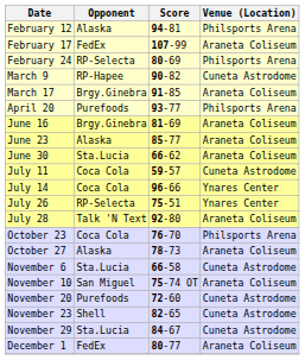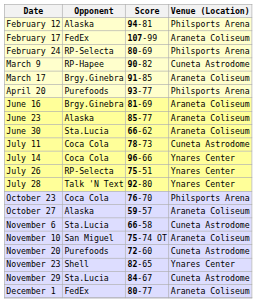 <table class="wikitable sortable sortable">
 <tr>
 <th>Date</th>
 <th>Opponent</th>
 <th>Score</th>
 <th>Venue (Location)</th>
 </tr>
 <tr bgcolor=#FFFFCC>
 <td>February 12</td>
 <td>Alaska</td>
 <td><strong>94</strong>-81</td>
 <td>Philsports Arena </td>
 </tr>
 <tr bgcolor=#FFFFCC>
 <td>February 17</td>
 <td>FedEx</td>
 <td><strong>107</strong>-99</td>
 <td>Araneta Coliseum</td>
 </tr>
 <tr bgcolor=#FFFFCC>
 <td>February 24</td>
 <td>RP-Selecta</td>
 <td><strong>80</strong>-69</td>
 <td>Philsports Arena</td>
 </tr>
 <tr bgcolor=#FFFFCC>
 <td>March 9</td>
 <td>RP-Hapee</td>
 <td><strong>90</strong>-82</td>
 <td>Cuneta Astrodome</td>
 </tr>
 <tr bgcolor=#FFFFCC>
 <td>March 17</td>
 <td>Brgy.Ginebra</td>
 <td><strong>91</strong>-85</td>
 <td>Araneta Coliseum</td>
 </tr>
 <tr bgcolor=#FFFFCC>
 <td>April 20</td>
 <td>Purefoods</td>
 <td><strong>93</strong>-77</td>
 <td>Philsports Arena</td>
 </tr>
 <tr bgcolor=#FFFF99>
 <td>June 16</td>
 <td>Brgy.Ginebra</td>
 <td><strong>81</strong>-69</td>
 <td>Araneta Coliseum</td>
 </tr>
 <tr bgcolor=#FFFF99>
 <td>June 23</td>
 <td>Alaska</td>
 <td><strong>85</strong>-77</td>
 <td>Araneta Coliseum </td>
 </tr>
 <tr bgcolor=#FFFF99>
 <td>June 30</td>
 <td>Sta.Lucia</td>
 <td><strong>66</strong>-62</td>
 <td>Araneta Coliseum</td>
 </tr>
 <tr bgcolor=#FFFF99>
 <td>July 11</td>
 <td>Coca Cola</td>
-<td><strong>59</strong>-57</td>
+<td><strong>78</strong>-73</td>
 <td>Cuneta Astrodome</td>
 </tr>
 <tr bgcolor=#FFFF99>
 <td>July 14</td>
 <td>Coca Cola</td>
 <td><strong>96</strong>-66</td>
 <td>Ynares Center</td>
 </tr>
 <tr bgcolor=#FFFF99>
 <td>July 26</td>
 <td>RP-Selecta</td>
 <td><strong>75</strong>-51</td>
 <td>Ynares Center</td>
 </tr>
 <tr bgcolor=#FFFF99>
 <td>July 28</td>
 <td>Talk 'N Text</td>
 <td><strong>92</strong>-80</td>
-<td>Araneta Coliseum</td>
+<td>Ynares Center</td>
 </tr>
 <tr bgcolor=#DDDDFF>
 <td>October 23</td>
 <td>Coca Cola</td>
 <td><strong>76</strong>-70</td>
 <td>Philsports Arena</td>
 </tr>
 <tr bgcolor=#DDDDFF>
 <td>October 27</td>
 <td>Alaska</td>
-<td><strong>78</strong>-73</td>
+<td><strong>59</strong>-57</td>
 <td>Araneta Coliseum</td>
 </tr>
 <tr bgcolor=#DDDDFF>
 <td>November 6</td>
 <td>Sta.Lucia</td>
 <td><strong>66</strong>-58</td>
 <td>Cuneta Astrodome</td>
 </tr>
 <tr bgcolor=#DDDDFF>
 <td>November 10</td>
 <td>San Miguel</td>
 <td><strong>75</strong>-74 OT</td>
 <td>Araneta Coliseum </td>
 </tr>
 <tr bgcolor=#DDDDFF>
 <td>November 20</td>
 <td>Purefoods</td>
 <td><strong>72</strong>-60</td>
 <td>Cuneta Astrodome</td>
 </tr>
 <tr bgcolor=#DDDDFF>
 <td>November 23</td>
 <td>Shell</td>
 <td><strong>82</strong>-65</td>
-<td>Cuneta Astrodome</td>
+<td>Ynares Center</td>
 </tr>
 <tr bgcolor=#DDDDFF>
 <td>November 29</td>
 <td>Sta.Lucia</td>
 <td><strong>84</strong>-67</td>
 <td>Cuneta Astrodome</td>
 </tr>
 <tr bgcolor=#DDDDFF>
 <td>December 1</td>
 <td>FedEx</td>
 <td><strong>80</strong>-77</td>
 <td>Araneta Coliseum</td>
 </tr>
 <tr>
 </tr>
 </table>
